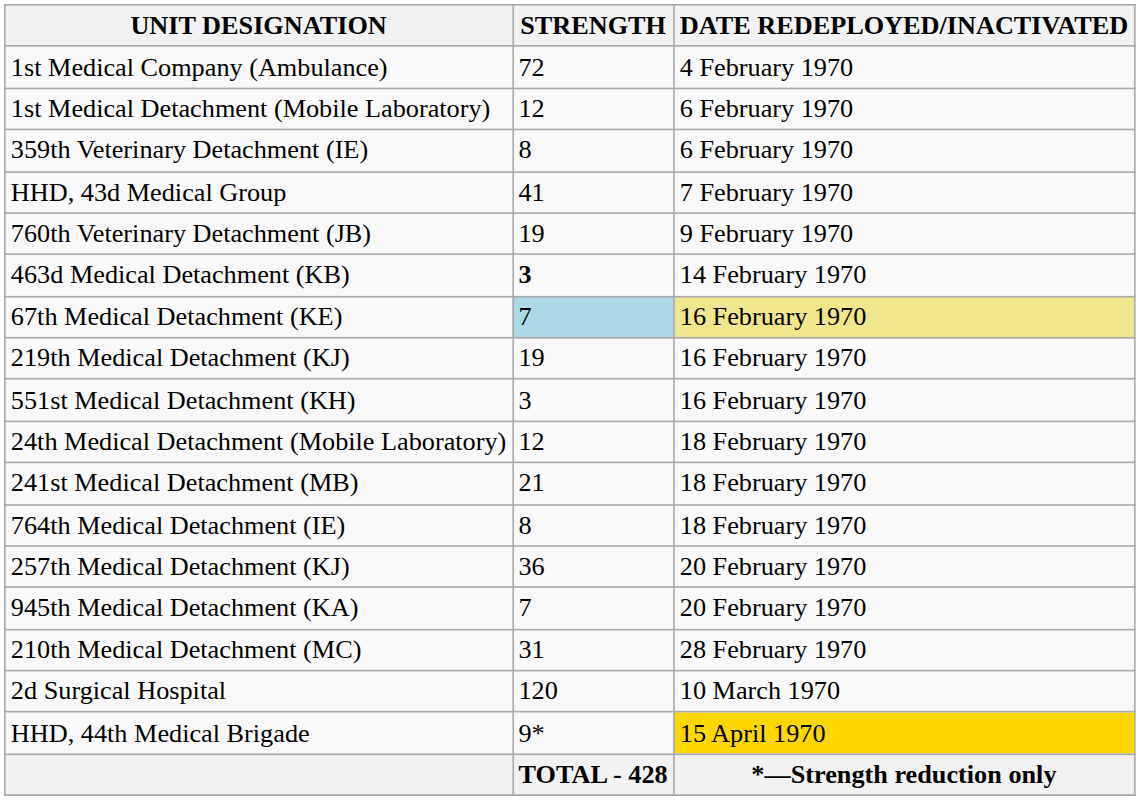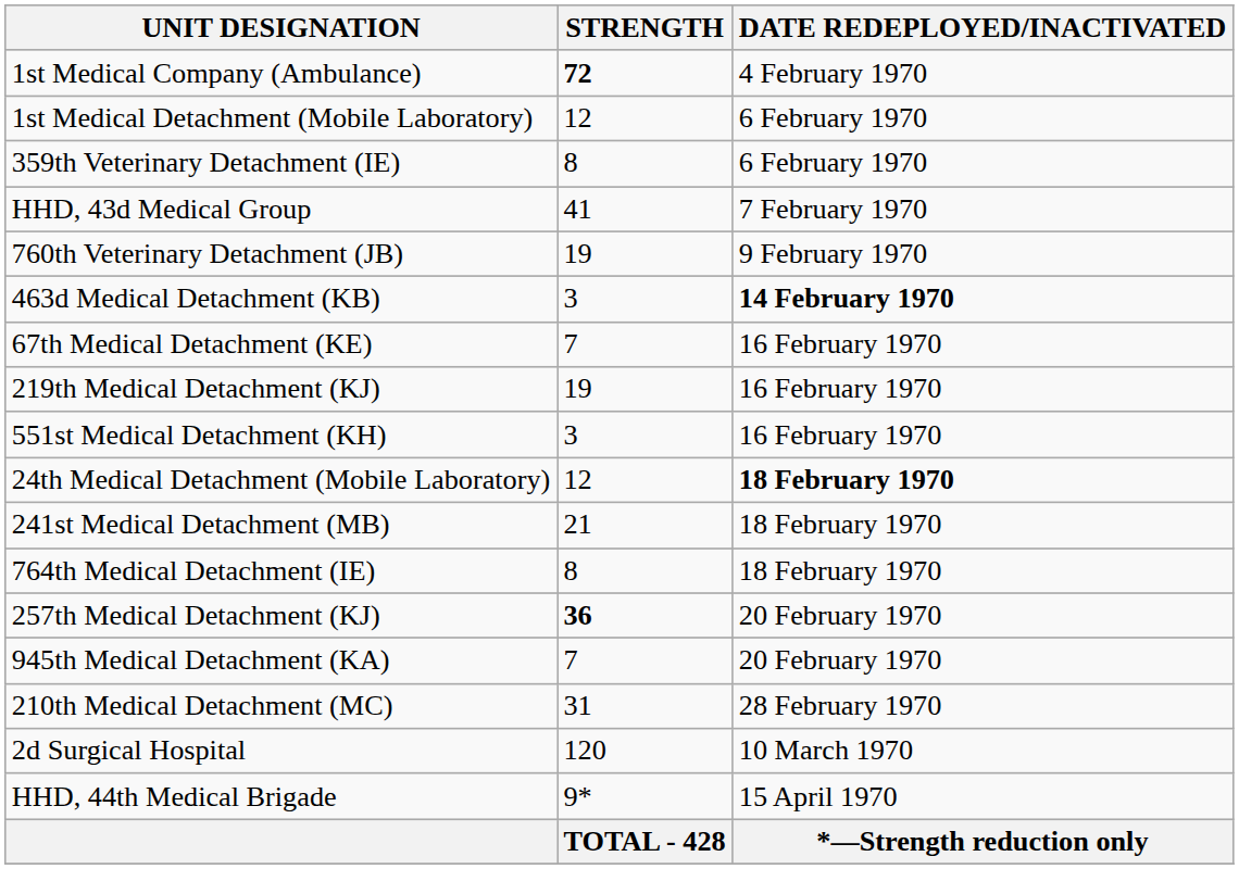 <table class="wikitable">
 <tr>
 <th>UNIT DESIGNATION</th>
 <th>STRENGTH</th>
 <th>DATE REDEPLOYED/INACTIVATED</th>
 </tr>
 <tr>
 <td>1st Medical Company (Ambulance)</td>
-<td>72</td>
+<td><strong>72</strong></td>
 <td>4 February 1970</td>
 </tr>
 <tr>
 <td>1st Medical Detachment (Mobile Laboratory)</td>
 <td>12</td>
 <td>6 February 1970</td>
 </tr>
 <tr>
 <td>359th Veterinary Detachment (IE)</td>
 <td>8</td>
 <td>6 February 1970</td>
 </tr>
 <tr>
 <td>HHD, 43d Medical Group</td>
 <td>41</td>
 <td>7 February 1970</td>
 </tr>
 <tr>
 <td>760th Veterinary Detachment (JB)</td>
 <td>19</td>
 <td>9 February 1970</td>
 </tr>
 <tr>
 <td>463d Medical Detachment (KB)</td>
-<td><strong>3</strong></td>
-<td>14 February 1970</td>
+<td>3</td>
+<td><strong>14 February 1970</strong></td>
 </tr>
 <tr>
 <td>67th Medical Detachment (KE)</td>
-<td style="background: lightblue;">7</td>
-<td style="background: khaki;">16 February 1970</td>
+<td>7</td>
+<td>16 February 1970</td>
 </tr>
 <tr>
 <td>219th Medical Detachment (KJ)</td>
 <td>19</td>
 <td>16 February 1970</td>
 </tr>
 <tr>
 <td>551st Medical Detachment (KH)</td>
 <td>3</td>
 <td>16 February 1970</td>
 </tr>
 <tr>
 <td>24th Medical Detachment (Mobile Laboratory)</td>
 <td>12</td>
-<td>18 February 1970</td>
+<td><strong>18 February 1970</strong></td>
 </tr>
 <tr>
 <td>241st Medical Detachment (MB)</td>
 <td>21</td>
 <td>18 February 1970</td>
 </tr>
 <tr>
 <td>764th Medical Detachment (IE)</td>
 <td>8</td>
 <td>18 February 1970</td>
 </tr>
 <tr>
 <td>257th Medical Detachment (KJ)</td>
-<td>36</td>
+<td><strong>36</strong></td>
 <td>20 February 1970</td>
 </tr>
 <tr>
 <td>945th Medical Detachment (KA)</td>
 <td>7</td>
 <td>20 February 1970</td>
 </tr>
 <tr>
 <td>210th Medical Detachment (MC)</td>
 <td>31</td>
 <td>28 February 1970</td>
 </tr>
 <tr>
 <td>2d Surgical Hospital</td>
 <td>120</td>
 <td>10 March 1970</td>
 </tr>
 <tr>
 <td>HHD, 44th Medical Brigade</td>
 <td>9*</td>
-<td style="background: gold;">15 April 1970</td>
+<td>15 April 1970</td>
 </tr>
 <tr>
 <th></th>
 <th>TOTAL - 428</th>
 <th>*—Strength reduction only</th>
 </tr>
 <tr>
 </tr>
 </table>
